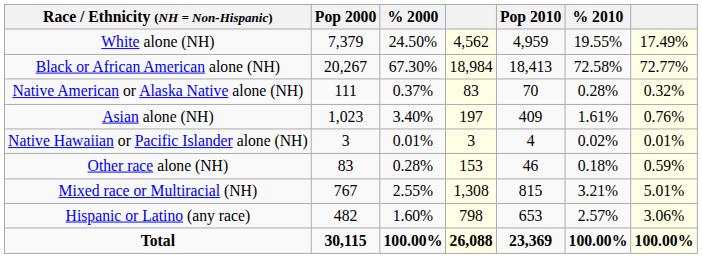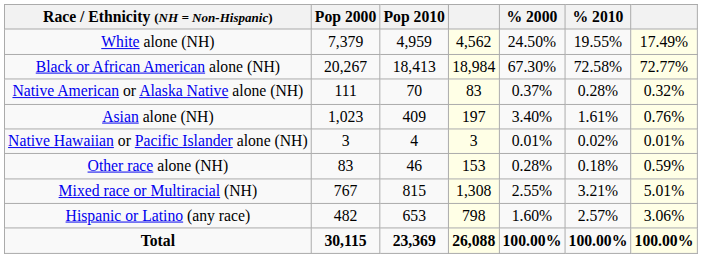 <table class="wikitable"  style="text-align:center;">
 <tr>
 <th>Race / Ethnicity <small>(<em>NH = Non-Hispanic</em>)</small></th>
 <th>Pop 2000</th>
+<th>Pop 2010</th>
+<th></th>
 <th>% 2000</th>
-<th></th>
-<th>Pop 2010</th>
 <th>% 2010</th>
 <th></th>
 </tr>
 <tr>
 <td><a href='#'>White</a> alone (NH)</td>
 <td>7,379</td>
+<td>4,959</td>
+<td style='background: #ffffe6;'>4,562</td>
 <td>24.50%</td>
-<td style='background: #ffffe6;'>4,562</td>
-<td>4,959</td>
 <td>19.55%</td>
 <td style='background: #ffffe6;'>17.49%</td>
 </tr>
 <tr>
 <td><a href='#'>Black or African American</a> alone (NH)</td>
 <td>20,267</td>
+<td>18,413</td>
+<td style='background: #ffffe6;'>18,984</td>
 <td>67.30%</td>
-<td style='background: #ffffe6;'>18,984</td>
-<td>18,413</td>
 <td>72.58%</td>
 <td style='background: #ffffe6;'>72.77%</td>
 </tr>
 <tr>
 <td><a href='#'>Native American</a> or <a href='#'>Alaska Native</a> alone (NH)</td>
 <td>111</td>
+<td>70</td>
+<td style='background: #ffffe6;'>83</td>
 <td>0.37%</td>
-<td style='background: #ffffe6;'>83</td>
-<td>70</td>
 <td>0.28%</td>
 <td style='background: #ffffe6;'>0.32%</td>
 </tr>
 <tr>
 <td><a href='#'>Asian</a> alone (NH)</td>
 <td>1,023</td>
+<td>409</td>
+<td style='background: #ffffe6;'>197</td>
 <td>3.40%</td>
-<td style='background: #ffffe6;'>197</td>
-<td>409</td>
 <td>1.61%</td>
 <td style='background: #ffffe6;'>0.76%</td>
 </tr>
 <tr>
 <td><a href='#'>Native Hawaiian</a> or <a href='#'>Pacific Islander</a> alone (NH)</td>
 <td>3</td>
+<td>4</td>
+<td style='background: #ffffe6;'>3</td>
 <td>0.01%</td>
-<td style='background: #ffffe6;'>3</td>
-<td>4</td>
 <td>0.02%</td>
 <td style='background: #ffffe6;'>0.01%</td>
 </tr>
 <tr>
 <td><a href='#'>Other race</a> alone (NH)</td>
 <td>83</td>
+<td>46</td>
+<td style='background: #ffffe6;'>153</td>
 <td>0.28%</td>
-<td style='background: #ffffe6;'>153</td>
-<td>46</td>
 <td>0.18%</td>
 <td style='background: #ffffe6;'>0.59%</td>
 </tr>
 <tr>
 <td><a href='#'>Mixed race or Multiracial</a> (NH)</td>
 <td>767</td>
+<td>815</td>
+<td style='background: #ffffe6;'>1,308</td>
 <td>2.55%</td>
-<td style='background: #ffffe6;'>1,308</td>
-<td>815</td>
 <td>3.21%</td>
 <td style='background: #ffffe6;'>5.01%</td>
 </tr>
 <tr>
 <td><a href='#'>Hispanic or Latino</a> (any race)</td>
 <td>482</td>
+<td>653</td>
+<td style='background: #ffffe6;'>798</td>
 <td>1.60%</td>
-<td style='background: #ffffe6;'>798</td>
-<td>653</td>
 <td>2.57%</td>
 <td style='background: #ffffe6;'>3.06%</td>
 </tr>
 <tr>
 <td><strong>Total</strong></td>
 <td><strong>30,115</strong></td>
+<td><strong>23,369</strong></td>
+<td style='background: #ffffe6;'><strong>26,088</strong></td>
 <td><strong>100.00%</strong></td>
-<td style='background: #ffffe6;'><strong>26,088</strong></td>
-<td><strong>23,369</strong></td>
 <td><strong>100.00%</strong></td>
 <td style='background: #ffffe6;'><strong>100.00%</strong></td>
 </tr>
 </table>
